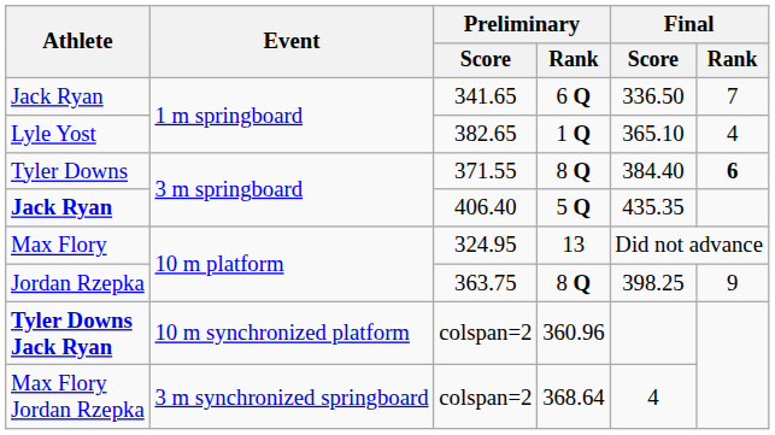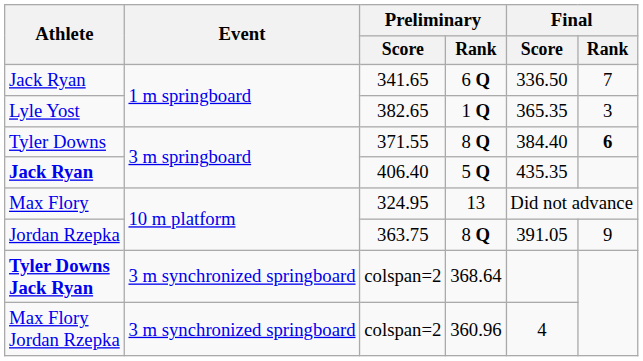 <table class=wikitable style=font-size:90%;text-align:center>
 <tr>
 <th rowspan=2>Athlete</th>
 <th rowspan=2>Event</th>
 <th colspan=2>Preliminary</th>
 <th colspan=2>Final</th>
 </tr>
 <tr style=font-size:95%>
 <th>Score</th>
 <th>Rank</th>
 <th>Score</th>
 <th>Rank</th>
 </tr>
 <tr>
 <td align=left><a href='#'>Jack Ryan</a></td>
 <td align=left rowspan=2><a href='#'>1 m springboard</a></td>
 <td>341.65</td>
 <td>6 <strong>Q</strong></td>
 <td>336.50</td>
 <td>7</td>
 </tr>
 <tr>
 <td align=left><a href='#'>Lyle Yost</a></td>
 <td>382.65</td>
 <td>1 <strong>Q</strong></td>
-<td>365.10</td>
-<td>4</td>
+<td>365.35</td>
+<td>3</td>
 </tr>
 <tr>
 <td align=left><a href='#'>Tyler Downs</a></td>
 <td align=left rowspan=2><a href='#'>3 m springboard</a></td>
 <td>371.55</td>
 <td>8 <strong>Q</strong></td>
 <td>384.40</td>
 <td><strong>6</strong></td>
 </tr>
 <tr>
 <td align=left><strong><a href='#'>Jack Ryan</a></strong></td>
 <td>406.40</td>
 <td>5 <strong>Q</strong></td>
 <td>435.35</td>
 <td></td>
 </tr>
 <tr>
 <td align=left><a href='#'>Max Flory</a></td>
 <td align=left rowspan=2><a href='#'>10 m platform</a></td>
 <td>324.95</td>
 <td>13</td>
 <td colspan=2>Did not advance</td>
 </tr>
 <tr>
 <td align=left><a href='#'>Jordan Rzepka</a></td>
 <td>363.75</td>
 <td>8 <strong>Q</strong></td>
-<td>398.25</td>
+<td>391.05</td>
 <td>9</td>
 </tr>
 <tr>
 <td align=left><strong><a href='#'>Tyler Downs</a><br><a href='#'>Jack Ryan</a></strong></td>
-<td align=left><a href='#'>10 m synchronized platform</a></td>
+<td align=left><a href='#'>3 m synchronized springboard</a></td>
 <td>colspan=2 </td>
-<td>360.96</td>
+<td>368.64</td>
 <td></td>
 </tr>
 <tr>
 <td align=left><a href='#'>Max Flory</a><br><a href='#'>Jordan Rzepka</a></td>
 <td align=left><a href='#'>3 m synchronized springboard</a></td>
 <td>colspan=2 </td>
-<td>368.64</td>
+<td>360.96</td>
 <td>4</td>
 </tr>
 </table>
